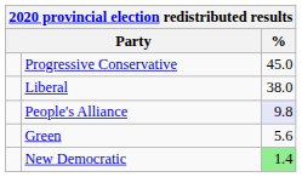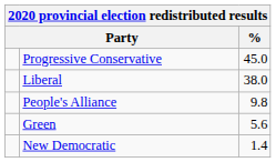 <table class="wikitable">
 <tr>
 <th colspan="4"><a href='#'>2020 provincial election</a> redistributed results</th>
 </tr>
 <tr>
 <th bgcolor="#DDDDFF" width="130px" colspan="2">Party</th>
 <th bgcolor="#DDDDFF" width="30px">%</th>
 </tr>
 <tr>
 <td> </td>
 <td><a href='#'>Progressive Conservative</a></td>
 <td align=right>45.0</td>
 </tr>
 <tr>
 <td> </td>
 <td><a href='#'>Liberal</a></td>
 <td align=right>38.0</td>
 </tr>
 <tr>
 <td> </td>
 <td><a href='#'>People's Alliance</a></td>
-<td align=right style="background: lavender;">9.8</td>
+<td align=right>9.8</td>
 </tr>
 <tr>
 <td> </td>
 <td><a href='#'>Green</a></td>
 <td align=right>5.6</td>
 </tr>
 <tr>
 <td> </td>
 <td><a href='#'>New Democratic</a></td>
-<td align=right style="background: lightgreen;">1.4</td>
+<td align=right>1.4</td>
 </tr>
 </table>
